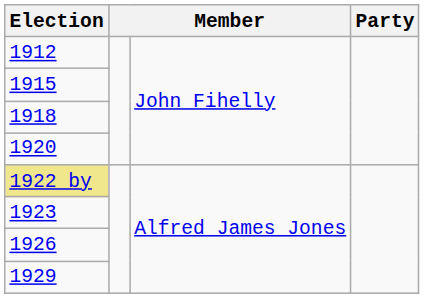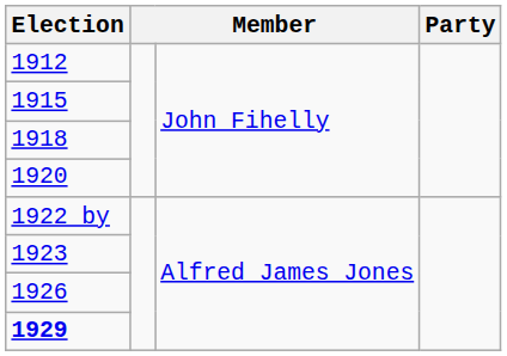 <table class="wikitable">
 <tr>
 <th>Election</th>
 <th colspan="2">Member</th>
 <th>Party</th>
 </tr>
 <tr>
 <td><a href='#'>1912</a></td>
 <td rowspan="4" > </td>
 <td rowspan="4"><a href='#'>John Fihelly</a></td>
 <td rowspan="4"></td>
 </tr>
 <tr>
 <td><a href='#'>1915</a></td>
 </tr>
 <tr>
 <td><a href='#'>1918</a></td>
 </tr>
 <tr>
 <td><a href='#'>1920</a></td>
 </tr>
 <tr>
-<td style="background: khaki;"><a href='#'>1922 by</a></td>
+<td><a href='#'>1922 by</a></td>
 <td rowspan="4" > </td>
 <td rowspan="4"><a href='#'>Alfred James Jones</a></td>
 <td rowspan="4"></td>
 </tr>
 <tr>
 <td><a href='#'>1923</a></td>
 </tr>
 <tr>
 <td><a href='#'>1926</a></td>
 </tr>
 <tr>
-<td><a href='#'>1929</a></td>
+<td><strong><a href='#'>1929</a></strong></td>
 </tr>
 </table>
